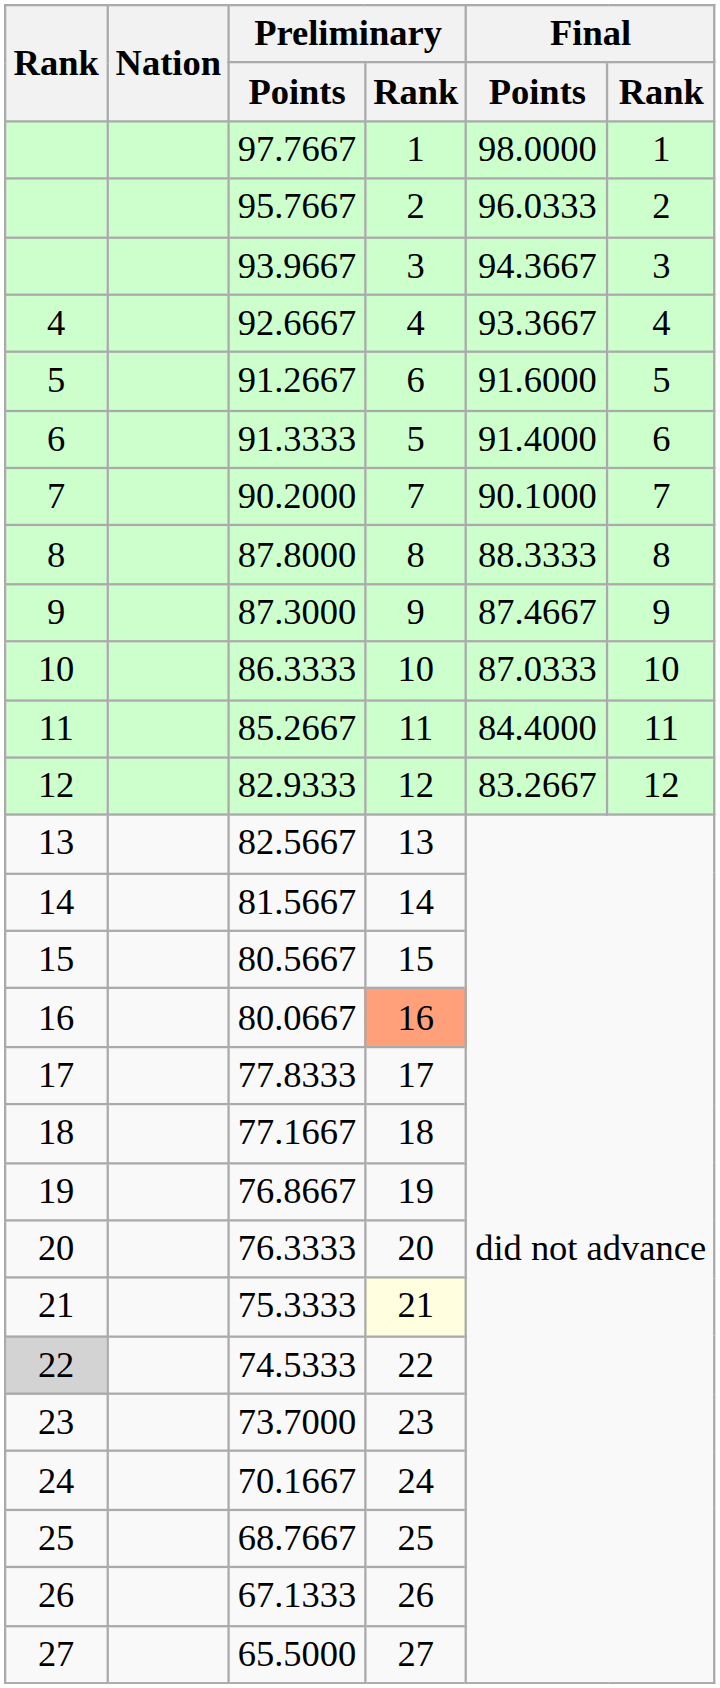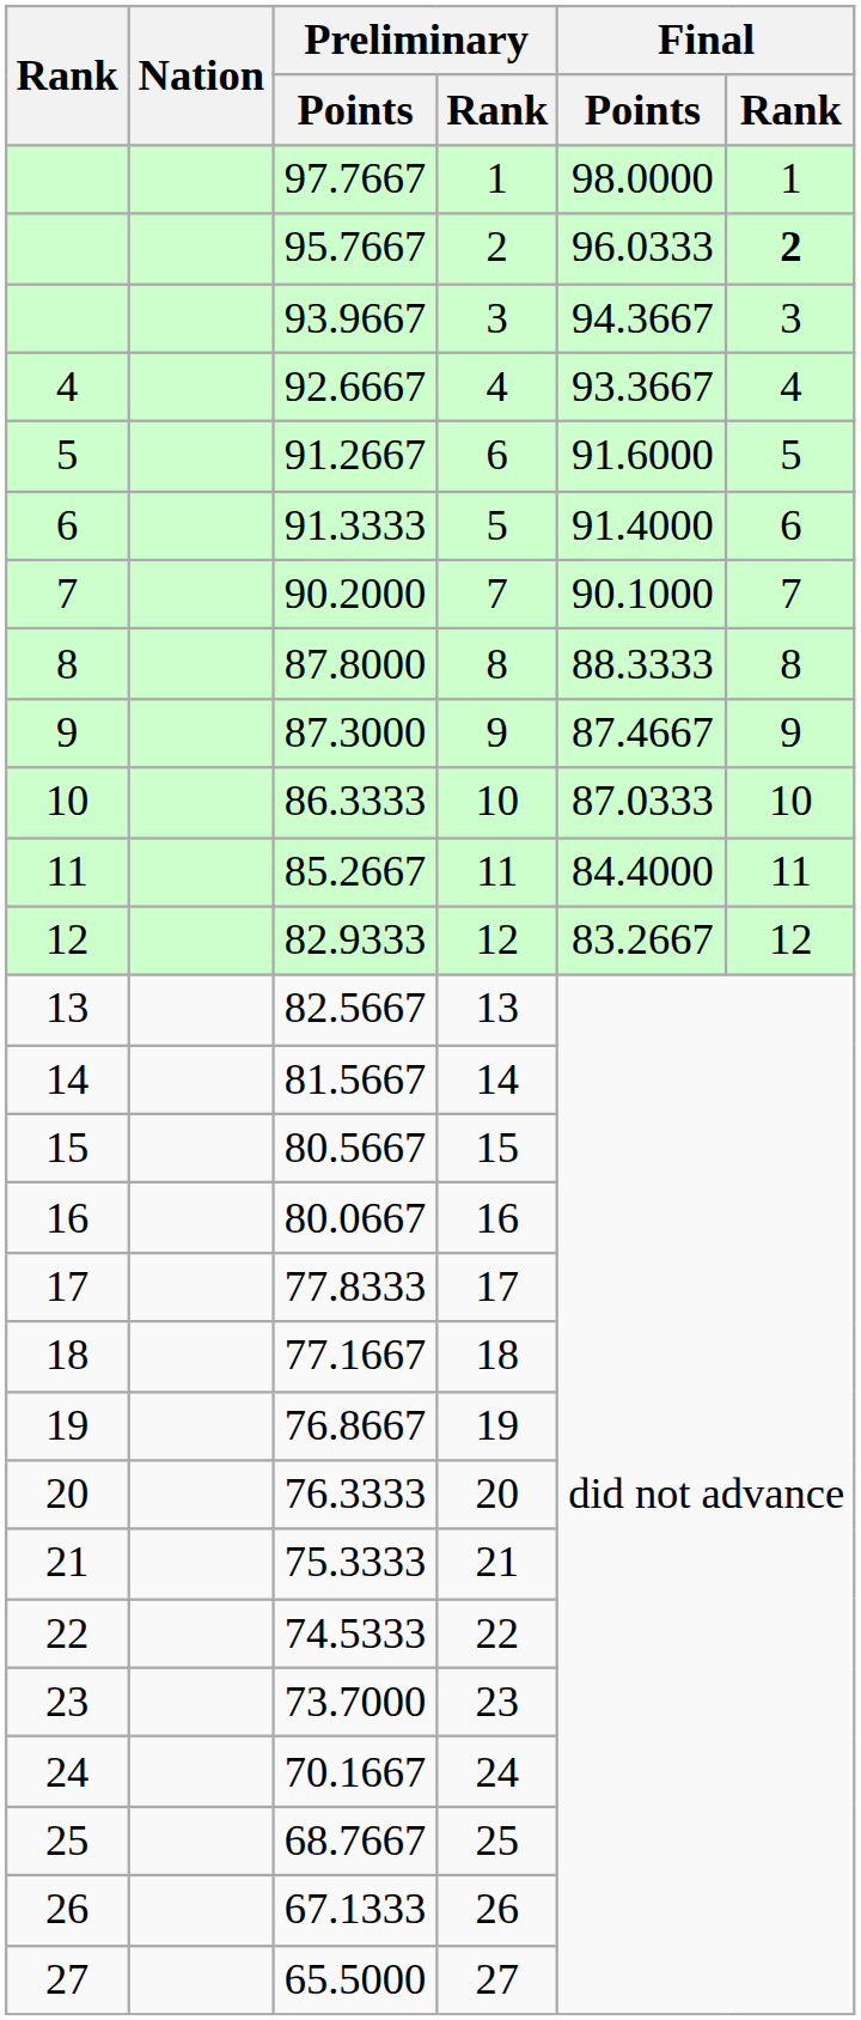 <table class="wikitable sortable" style="text-align:center">
 <tr>
 <th rowspan=2>Rank</th>
 <th rowspan=2>Nation</th>
 <th colspan=2>Preliminary</th>
 <th colspan=2>Final</th>
 </tr>
 <tr>
 <th>Points</th>
 <th>Rank</th>
 <th>Points</th>
 <th>Rank</th>
 </tr>
 <tr bgcolor=ccffcc>
 <td></td>
 <td align=left></td>
 <td>97.7667</td>
 <td>1</td>
 <td>98.0000</td>
 <td>1</td>
 </tr>
 <tr bgcolor=ccffcc>
 <td></td>
 <td align=left></td>
 <td>95.7667</td>
 <td>2</td>
 <td>96.0333</td>
-<td>2</td>
+<td><strong>2</strong></td>
 </tr>
 <tr bgcolor=ccffcc>
 <td></td>
 <td align=left></td>
 <td>93.9667</td>
 <td>3</td>
 <td>94.3667</td>
 <td>3</td>
 </tr>
 <tr bgcolor=ccffcc>
 <td>4</td>
 <td align=left></td>
 <td>92.6667</td>
 <td>4</td>
 <td>93.3667</td>
 <td>4</td>
 </tr>
 <tr bgcolor=ccffcc>
 <td>5</td>
 <td align=left></td>
 <td>91.2667</td>
 <td>6</td>
 <td>91.6000</td>
 <td>5</td>
 </tr>
 <tr bgcolor=ccffcc>
 <td>6</td>
 <td align=left></td>
 <td>91.3333</td>
 <td>5</td>
 <td>91.4000</td>
 <td>6</td>
 </tr>
 <tr bgcolor=ccffcc>
 <td>7</td>
 <td align=left></td>
 <td>90.2000</td>
 <td>7</td>
 <td>90.1000</td>
 <td>7</td>
 </tr>
 <tr bgcolor=ccffcc>
 <td>8</td>
 <td align=left></td>
 <td>87.8000</td>
 <td>8</td>
 <td>88.3333</td>
 <td>8</td>
 </tr>
 <tr bgcolor=ccffcc>
 <td>9</td>
 <td align=left></td>
 <td>87.3000</td>
 <td>9</td>
 <td>87.4667</td>
 <td>9</td>
 </tr>
 <tr bgcolor=ccffcc>
 <td>10</td>
 <td align=left></td>
 <td>86.3333</td>
 <td>10</td>
 <td>87.0333</td>
 <td>10</td>
 </tr>
 <tr bgcolor=ccffcc>
 <td>11</td>
 <td align=left></td>
 <td>85.2667</td>
 <td>11</td>
 <td>84.4000</td>
 <td>11</td>
 </tr>
 <tr bgcolor=ccffcc>
 <td>12</td>
 <td align=left></td>
 <td>82.9333</td>
 <td>12</td>
 <td>83.2667</td>
 <td>12</td>
 </tr>
 <tr>
 <td>13</td>
 <td align=left></td>
 <td>82.5667</td>
 <td>13</td>
 <td colspan=2 rowspan=15>did not advance</td>
 </tr>
 <tr>
 <td>14</td>
 <td align=left></td>
 <td>81.5667</td>
 <td>14</td>
 </tr>
 <tr>
 <td>15</td>
 <td align=left></td>
 <td>80.5667</td>
 <td>15</td>
 </tr>
 <tr>
 <td>16</td>
 <td align=left></td>
 <td>80.0667</td>
-<td style="background: lightsalmon;">16</td>
+<td>16</td>
 </tr>
 <tr>
 <td>17</td>
 <td align=left></td>
 <td>77.8333</td>
 <td>17</td>
 </tr>
 <tr>
 <td>18</td>
 <td align=left></td>
 <td>77.1667</td>
 <td>18</td>
 </tr>
 <tr>
 <td>19</td>
 <td align=left></td>
 <td>76.8667</td>
 <td>19</td>
 </tr>
 <tr>
 <td>20</td>
 <td align=left></td>
 <td>76.3333</td>
 <td>20</td>
 </tr>
 <tr>
 <td>21</td>
 <td align=left></td>
 <td>75.3333</td>
-<td style="background: lightyellow;">21</td>
+<td>21</td>
 </tr>
 <tr>
-<td style="background: lightgrey;">22</td>
+<td>22</td>
 <td align=left></td>
 <td>74.5333</td>
 <td>22</td>
 </tr>
 <tr>
 <td>23</td>
 <td align=left></td>
 <td>73.7000</td>
 <td>23</td>
 </tr>
 <tr>
 <td>24</td>
 <td align=left></td>
 <td>70.1667</td>
 <td>24</td>
 </tr>
 <tr>
 <td>25</td>
 <td align=left></td>
 <td>68.7667</td>
 <td>25</td>
 </tr>
 <tr>
 <td>26</td>
 <td align=left></td>
 <td>67.1333</td>
 <td>26</td>
 </tr>
 <tr>
 <td>27</td>
 <td align=left></td>
 <td>65.5000</td>
 <td>27</td>
 </tr>
 </table>
